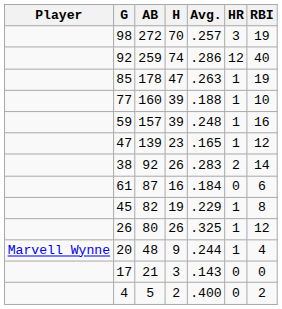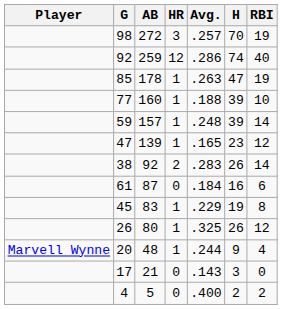 <table class="wikitable sortable" style="text-align:center">
 <tr>
 <th>Player</th>
 <th>G</th>
 <th>AB</th>
+<th>HR</th>
+<th>Avg.</th>
 <th>H</th>
-<th>Avg.</th>
-<th>HR</th>
 <th>RBI</th>
 </tr>
 <tr align="center">
 <td></td>
 <td>98</td>
 <td>272</td>
+<td>3</td>
+<td>.257</td>
 <td>70</td>
-<td>.257</td>
-<td>3</td>
 <td>19</td>
 </tr>
 <tr align="center">
 <td></td>
 <td>92</td>
 <td>259</td>
+<td>12</td>
+<td>.286</td>
 <td>74</td>
-<td>.286</td>
-<td>12</td>
 <td>40</td>
 </tr>
 <tr align="center">
 <td></td>
 <td>85</td>
 <td>178</td>
+<td>1</td>
+<td>.263</td>
 <td>47</td>
-<td>.263</td>
-<td>1</td>
 <td>19</td>
 </tr>
 <tr align="center">
 <td></td>
 <td>77</td>
 <td>160</td>
+<td>1</td>
+<td>.188</td>
 <td>39</td>
-<td>.188</td>
-<td>1</td>
 <td>10</td>
 </tr>
 <tr align=center>
 <td></td>
 <td>59</td>
 <td>157</td>
+<td>1</td>
+<td>.248</td>
 <td>39</td>
-<td>.248</td>
-<td>1</td>
-<td>16</td>
+<td>14</td>
 </tr>
 <tr align="center">
 <td></td>
 <td>47</td>
 <td>139</td>
+<td>1</td>
+<td>.165</td>
 <td>23</td>
-<td>.165</td>
-<td>1</td>
 <td>12</td>
 </tr>
 <tr align="center">
 <td></td>
 <td>38</td>
 <td>92</td>
+<td>2</td>
+<td>.283</td>
 <td>26</td>
-<td>.283</td>
-<td>2</td>
 <td>14</td>
 </tr>
 <tr align="center">
 <td></td>
 <td>61</td>
 <td>87</td>
+<td>0</td>
+<td>.184</td>
 <td>16</td>
-<td>.184</td>
-<td>0</td>
 <td>6</td>
 </tr>
 <tr align="center">
 <td></td>
 <td>45</td>
-<td>82</td>
+<td>83</td>
+<td>1</td>
+<td>.229</td>
 <td>19</td>
-<td>.229</td>
-<td>1</td>
 <td>8</td>
 </tr>
 <tr align="center">
 <td></td>
 <td>26</td>
 <td>80</td>
+<td>1</td>
+<td>.325</td>
 <td>26</td>
-<td>.325</td>
-<td>1</td>
 <td>12</td>
 </tr>
 <tr align="center">
 <td><a href='#'>Marvell Wynne</a></td>
 <td>20</td>
 <td>48</td>
+<td>1</td>
+<td>.244</td>
 <td>9</td>
-<td>.244</td>
-<td>1</td>
 <td>4</td>
 </tr>
 <tr align=center>
 <td></td>
 <td>17</td>
 <td>21</td>
+<td>0</td>
+<td>.143</td>
 <td>3</td>
-<td>.143</td>
-<td>0</td>
 <td>0</td>
 </tr>
 <tr align="center">
 <td></td>
 <td>4</td>
 <td>5</td>
+<td>0</td>
+<td>.400</td>
 <td>2</td>
-<td>.400</td>
-<td>0</td>
 <td>2</td>
 </tr>
 </table>
